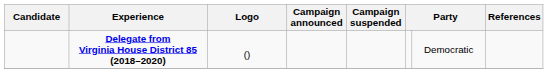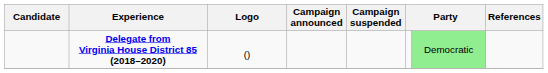 <table class="wikitable sortable" style="text-align: center; width: 100%;">
 <tr>
 <th scope="col" align="center" style="width: 12%;">Candidate</th>
 <th scope="col" align="center" style="width: 26%;">Experience</th>
 <th scope="col" align="center" style="width: 15%;">Logo</th>
 <th scope="col" align="center" style="width: 11%;">Campaign announced</th>
 <th scope="col" align="center" style="width: 11%;">Campaign suspended</th>
 <th scope="col" align="center" style="width: 15%;" colspan="2" class="unsortable">Party<br></th>
 <th scope="col" align="center" style="width: 10%;">References</th>
 </tr>
 <tr>
 <td><br></td>
 <td><strong><a href='#'>Delegate from<br>Virginia House District 85</a><br>(2018–2020)</strong></td>
 <td><br>()</td>
 <td></td>
 <td></td>
 <td bgcolor=></td>
-<td>Democratic</td>
+<td style="background: lightgreen;">Democratic</td>
 <td></td>
 </tr>
 <tr>
 </tr>
 </table>
